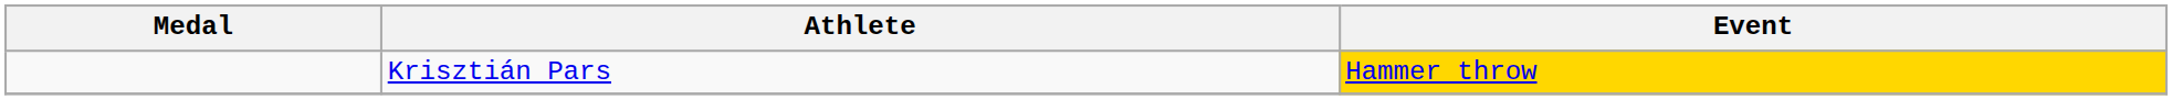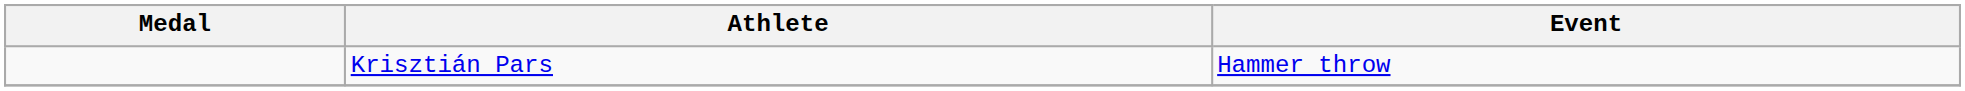 <table class="wikitable" style="font-size:90%" width=60%>
 <tr>
 <th>Medal</th>
 <th>Athlete</th>
 <th>Event</th>
 </tr>
 <tr>
 <td></td>
 <td><a href='#'>Krisztián Pars</a></td>
-<td style="background: gold;"><a href='#'>Hammer throw</a></td>
+<td><a href='#'>Hammer throw</a></td>
 </tr>
 <tr>
 </tr>
 </table>
